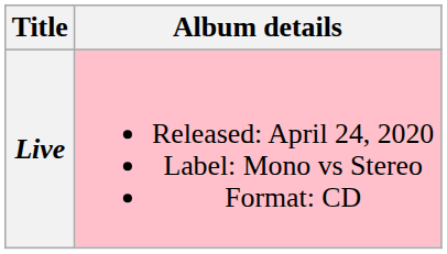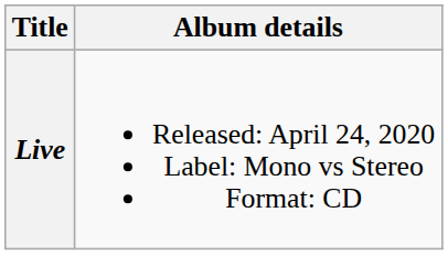 <table class="wikitable plainrowheaders" style="text-align:center;">
 <tr>
 <th scope="col">Title</th>
 <th scope="col">Album details</th>
 </tr>
 <tr>
 <th scope="row"><strong><em>Live</em></strong></th>
-<td style="background: pink;"><br><ul><li>Released: April 24, 2020</li><li>Label: Mono vs Stereo</li><li>Format: CD</li></ul></td>
+<td><br><ul><li>Released: April 24, 2020</li><li>Label: Mono vs Stereo</li><li>Format: CD</li></ul></td>
 </tr>
 </table>
